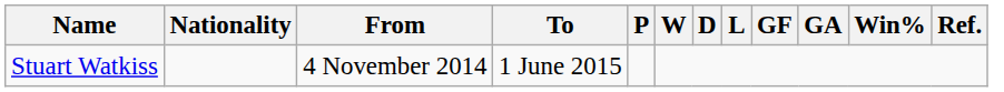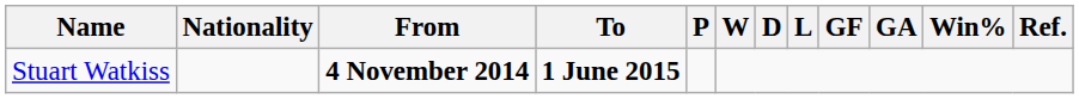 <table class="wikitable plainrowheaders sortable" style="text-align:center">
 <tr>
 <th>Name</th>
 <th>Nationality</th>
 <th>From</th>
 <th class="unsortable">To</th>
 <th>P</th>
 <th>W</th>
 <th>D</th>
 <th>L</th>
 <th>GF</th>
 <th>GA</th>
 <th>Win%</th>
 <th>Ref.</th>
 </tr>
 <tr>
 <td scope=row style=text-align:left><a href='#'>Stuart Watkiss</a></td>
 <td align=left></td>
-<td align=left>4 November 2014</td>
-<td align=left>1 June 2015<br></td>
+<td align=left><strong>4 November 2014</strong></td>
+<td align=left><strong>1 June 2015<br></strong></td>
 <td></td>
 </tr>
 </table>
